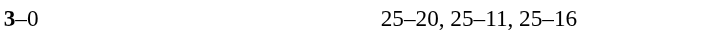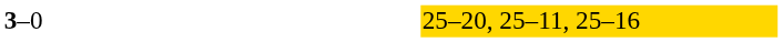 <table>
 <tr>
 <th width=200></th>
 <th width=80></th>
 <th width=200></th>
 <th width=220></th>
 </tr>
 <tr>
 <td align=right><strong></strong></td>
 <td align=center><strong>3</strong>–0</td>
 <td></td>
-<td>25–20, 25–11, 25–16</td>
+<td style="background: gold;">25–20, 25–11, 25–16</td>
 </tr>
 </table>
